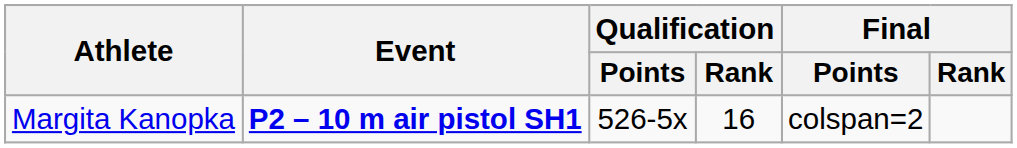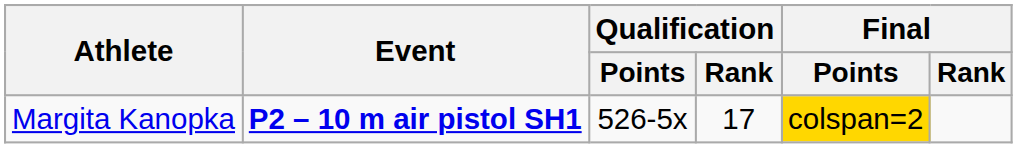 <table class="wikitable" style="font-size:90%">
 <tr>
 <th rowspan="2">Athlete</th>
 <th rowspan="2">Event</th>
 <th colspan="2">Qualification</th>
 <th colspan="2">Final</th>
 </tr>
 <tr style="font-size:95%">
 <th>Points</th>
 <th>Rank</th>
 <th>Points</th>
 <th>Rank</th>
 </tr>
 <tr align=center>
 <td align=left><a href='#'>Margita Kanopka</a></td>
 <td align=left><strong><a href='#'>P2 – 10 m air pistol SH1</a></strong></td>
 <td>526-5x</td>
-<td>16</td>
-<td>colspan=2 </td>
+<td>17</td>
+<td style="background: gold;">colspan=2 </td>
 </tr>
 </table>
